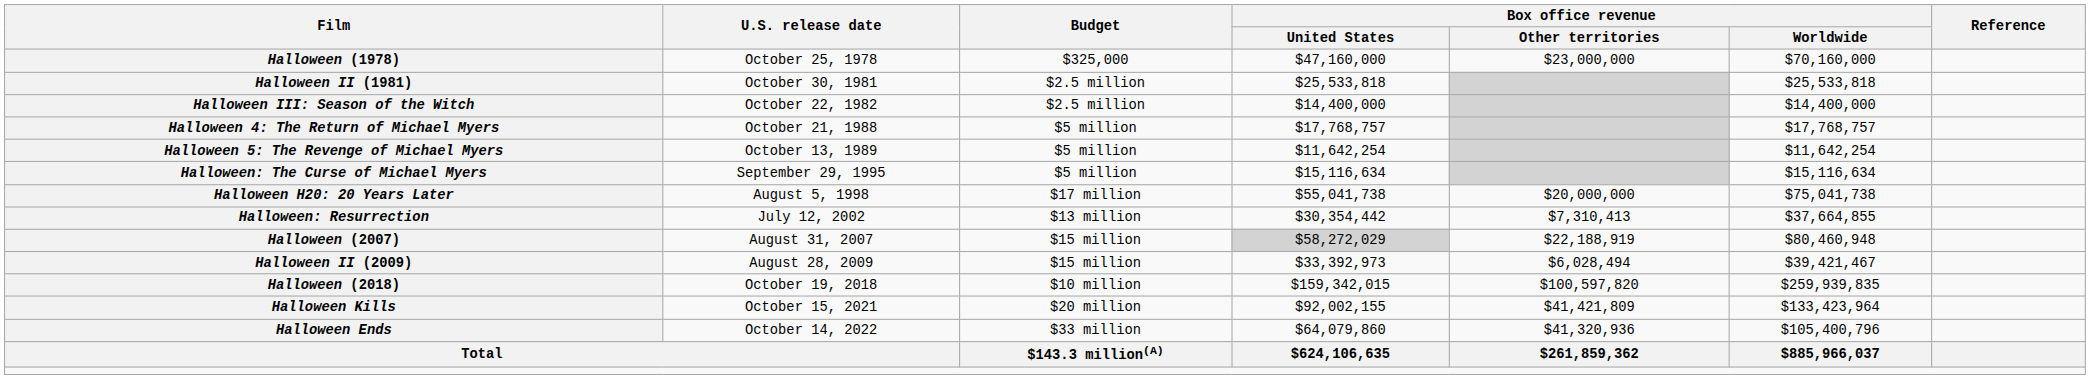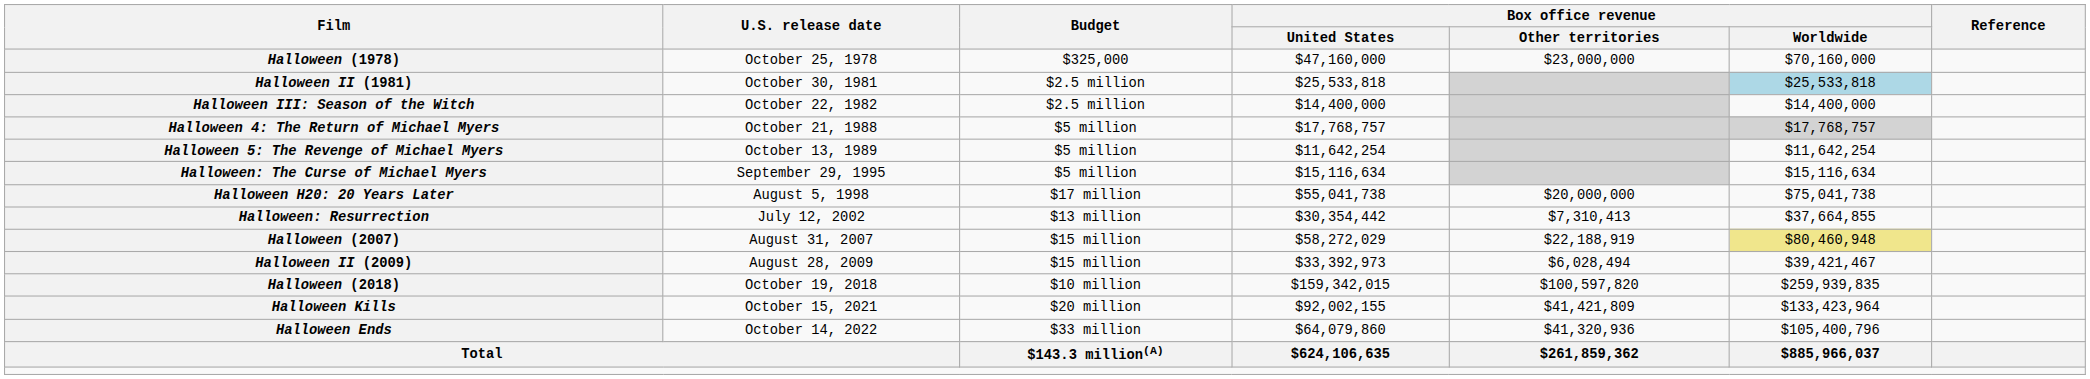 <table class="wikitable sortable plainrowheaders" width=99%>
 <tr>
 <th rowspan="2" style="text-align:center;">Film</th>
 <th rowspan="2" style="text-align:center;">U.S. release date</th>
 <th rowspan="2" style="text-align:center;">Budget</th>
 <th colspan="3" style="text-align:center;">Box office revenue</th>
 <th rowspan="2" style="text-align:center;" class="unsortable">Reference</th>
 </tr>
 <tr>
 <th style="text-align:center;">United States</th>
 <th style="text-align:center;">Other territories</th>
 <th style="text-align:center;">Worldwide</th>
 </tr>
 <tr>
 <th scope="row"><em>Halloween</em> (1978)</th>
 <td style="text-align:center;">October 25, 1978</td>
 <td style="text-align:center;">$325,000</td>
 <td style="text-align:center;">$47,160,000</td>
 <td style="text-align:center;">$23,000,000</td>
 <td style="text-align:center;">$70,160,000</td>
 <td style="text-align:center;"></td>
 </tr>
 <tr>
 <th scope="row"><em>Halloween II</em> (1981)</th>
 <td style="text-align:center;">October 30, 1981</td>
 <td style="text-align:center;">$2.5 million</td>
 <td style="text-align:center;">$25,533,818</td>
 <td style="background:lightgrey;"></td>
-<td style="text-align:center;">$25,533,818</td>
+<td style="background: lightblue; text-align:center;">$25,533,818</td>
 <td style="text-align:center;"></td>
 </tr>
 <tr>
 <th scope="row"><em>Halloween III: Season of the Witch</em></th>
 <td style="text-align:center;">October 22, 1982</td>
 <td style="text-align:center;">$2.5 million</td>
 <td style="text-align:center;">$14,400,000</td>
 <td style="background:lightgrey;"></td>
 <td style="text-align:center;">$14,400,000</td>
 <td style="text-align:center;"></td>
 </tr>
 <tr>
 <th scope="row"><em>Halloween 4: The Return of Michael Myers</em></th>
 <td style="text-align:center;">October 21, 1988</td>
 <td style="text-align:center;">$5 million</td>
 <td style="text-align:center;">$17,768,757</td>
 <td style="background:lightgrey;"></td>
-<td style="text-align:center;">$17,768,757</td>
+<td style="background: lightgrey; text-align:center;">$17,768,757</td>
 <td style="text-align:center;"></td>
 </tr>
 <tr>
 <th scope="row"><em>Halloween 5: The Revenge of Michael Myers</em></th>
 <td style="text-align:center;">October 13, 1989</td>
 <td style="text-align:center;">$5 million</td>
 <td style="text-align:center;">$11,642,254</td>
 <td style="background:lightgrey;"></td>
 <td style="text-align:center;">$11,642,254</td>
 <td style="text-align:center;"></td>
 </tr>
 <tr>
 <th scope="row"><em>Halloween: The Curse of Michael Myers</em></th>
 <td style="text-align:center;">September 29, 1995</td>
 <td style="text-align:center;">$5 million</td>
 <td style="text-align:center;">$15,116,634</td>
 <td style="background:lightgrey;"></td>
 <td style="text-align:center;">$15,116,634</td>
 <td style="text-align:center;"></td>
 </tr>
 <tr>
 <th scope="row"><em>Halloween H20: 20 Years Later</em></th>
 <td style="text-align:center;">August 5, 1998</td>
 <td style="text-align:center;">$17 million</td>
 <td style="text-align:center;">$55,041,738</td>
 <td style="text-align:center;">$20,000,000</td>
 <td style="text-align:center;">$75,041,738</td>
 <td style="text-align:center;"></td>
 </tr>
 <tr>
 <th scope="row"><em>Halloween: Resurrection</em></th>
 <td style="text-align:center;">July 12, 2002</td>
 <td style="text-align:center;">$13 million</td>
 <td style="text-align:center;">$30,354,442</td>
 <td style="text-align:center;">$7,310,413</td>
 <td style="text-align:center;">$37,664,855</td>
 <td style="text-align:center;"></td>
 </tr>
 <tr>
 <th scope="row"><em>Halloween</em> (2007)</th>
 <td style="text-align:center;">August 31, 2007</td>
 <td style="text-align:center;">$15 million</td>
-<td style="background: lightgrey; text-align:center;">$58,272,029</td>
+<td style="text-align:center;">$58,272,029</td>
 <td style="text-align:center;">$22,188,919</td>
-<td style="text-align:center;">$80,460,948</td>
+<td style="background: khaki; text-align:center;">$80,460,948</td>
 <td style="text-align:center;"></td>
 </tr>
 <tr>
 <th scope="row"><em>Halloween II</em> (2009)</th>
 <td style="text-align:center;">August 28, 2009</td>
 <td style="text-align:center;">$15 million</td>
 <td style="text-align:center;">$33,392,973 </td>
 <td style="text-align:center;">$6,028,494</td>
 <td style="text-align:center;">$39,421,467</td>
 <td style="text-align:center;"></td>
 </tr>
 <tr>
 <th scope="row"><em>Halloween</em> (2018)</th>
 <td style="text-align:center;">October 19, 2018</td>
 <td style="text-align:center;">$10 million</td>
 <td style="text-align:center;">$159,342,015</td>
 <td style="text-align:center;">$100,597,820</td>
 <td style="text-align:center;">$259,939,835</td>
 <td style="text-align:center;"></td>
 </tr>
 <tr>
 <th scope="row"><em>Halloween Kills</em></th>
 <td style="text-align:center;">October 15, 2021</td>
 <td style="text-align:center;">$20 million</td>
 <td style="text-align:center;">$92,002,155</td>
 <td style="text-align:center;">$41,421,809</td>
 <td style="text-align:center;">$133,423,964</td>
 <td style="text-align:center;"></td>
 </tr>
 <tr>
 <th scope="row"><em>Halloween Ends</em></th>
 <td style="text-align:center;">October 14, 2022</td>
 <td style="text-align:center;">$33 million</td>
 <td style="text-align:center;">$64,079,860</td>
 <td style="text-align:center;">$41,320,936</td>
 <td style="text-align:center;">$105,400,796</td>
 <td style="text-align:center;"></td>
 </tr>
 <tr class="sortbottom">
 <th colspan="2">Total</th>
 <th style="text-align:center;">$143.3 million<sup>(A)</sup></th>
 <th style="text-align:center;">$624,106,635</th>
 <th style="text-align:center;">$261,859,362</th>
 <th style="text-align:center;">$885,966,037</th>
 <th></th>
 </tr>
 <tr class="sortbottom">
 <td colspan="7"></td>
 </tr>
 </table>
